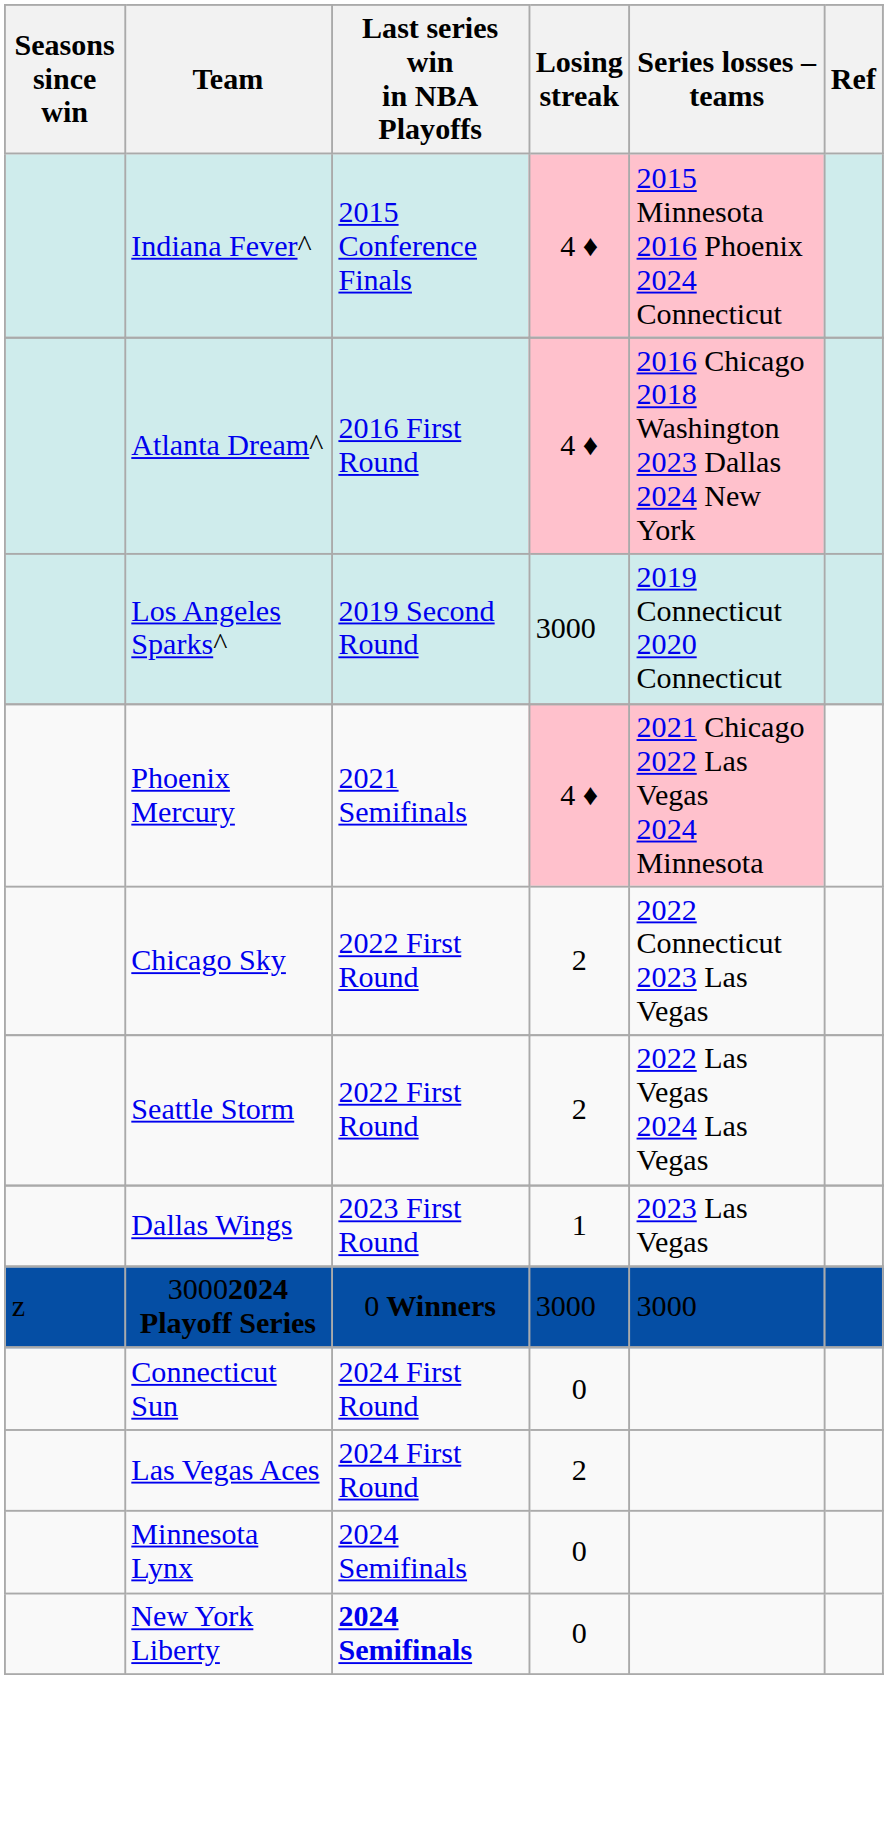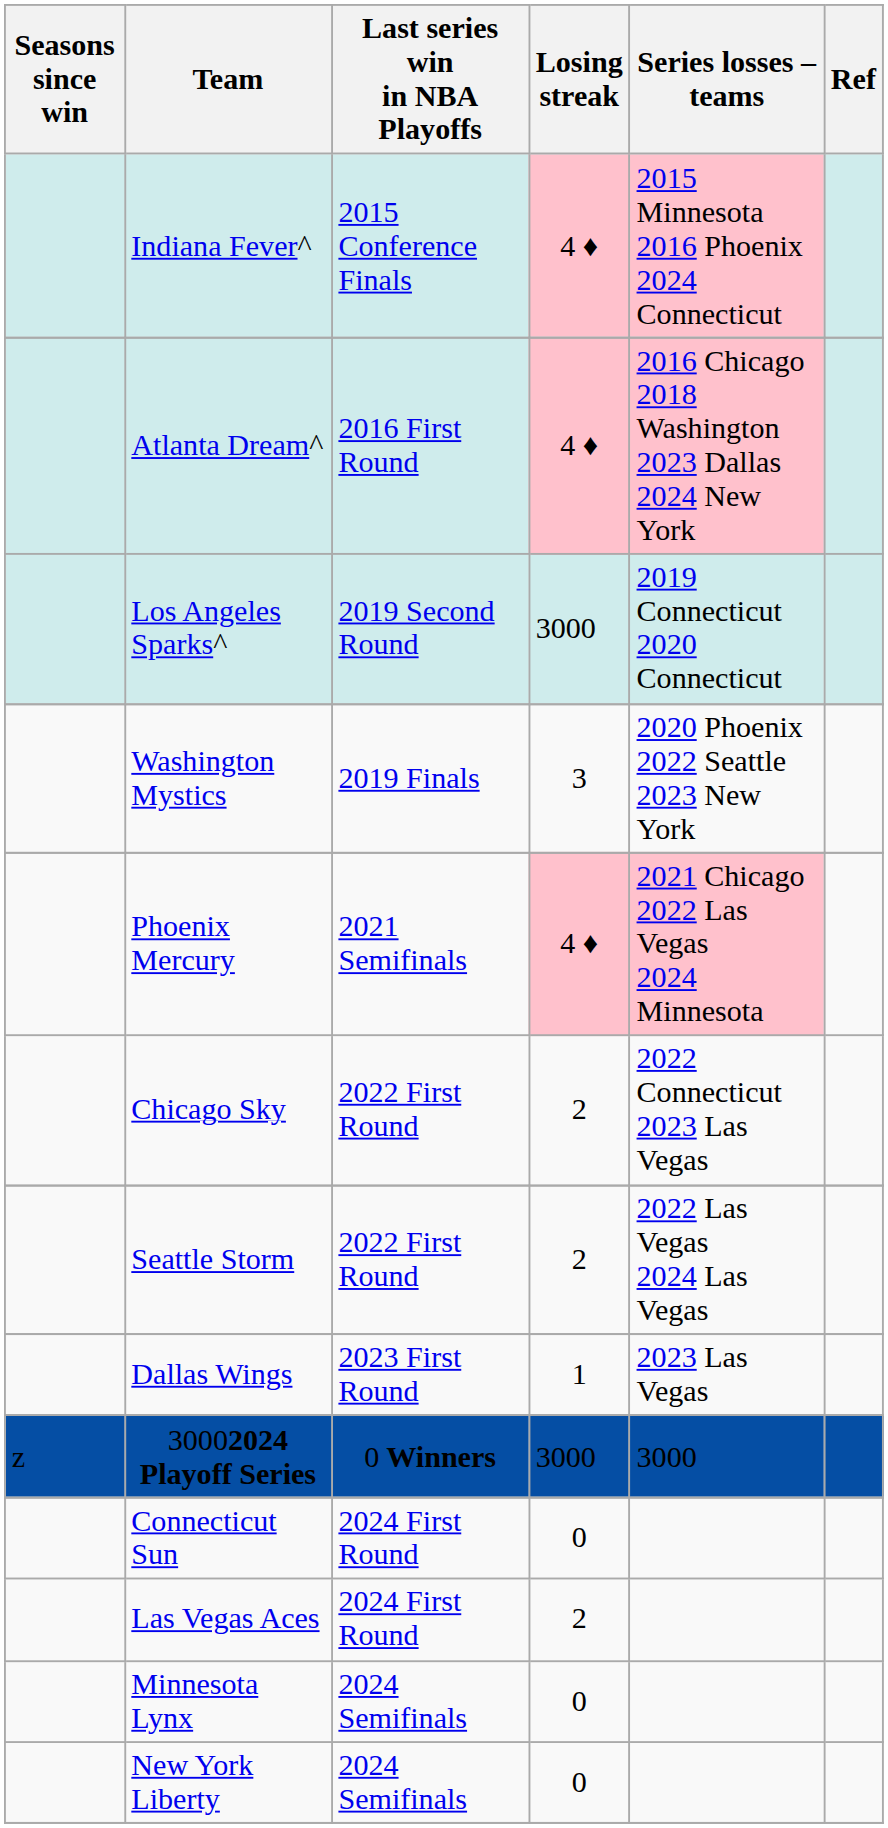 <table class="wikitable sortable" width="75%">
 <tr>
 <th data-sort-type="number">Seasons<br>since win</th>
 <th>Team</th>
 <th>Last series win<br>in NBA Playoffs</th>
 <th data-sort-type="number">Losing<br>streak</th>
 <th>Series losses – teams</th>
 <th class="unsortable">Ref</th>
 </tr>
 <tr bgcolor="#CFECEC">
 <td align=center></td>
 <td><a href='#'>Indiana Fever</a>^</td>
 <td><a href='#'>2015 Conference Finals</a></td>
 <td bgcolor="#FFC1CC" align="center">4 ♦</td>
 <td bgcolor="#FFC1CC" align=left><a href='#'>2015</a> Minnesota<br><a href='#'>2016</a> Phoenix<br><a href='#'>2024</a> Connecticut</td>
 <td></td>
 </tr>
 <tr>
 </tr>
 <tr bgcolor="#CFECEC">
 <td align="center"></td>
 <td><a href='#'>Atlanta Dream</a>^</td>
 <td><a href='#'>2016 First Round</a></td>
 <td bgcolor="#FFC1CC" align="center">4 ♦</td>
 <td bgcolor="#FFC1CC" align="left"><a href='#'>2016</a> Chicago<br><a href='#'>2018</a> Washington<br><a href='#'>2023</a> Dallas<br><a href='#'>2024</a> New York</td>
 <td></td>
 </tr>
 <tr bgcolor="#CFECEC">
 <td align=center></td>
 <td><a href='#'>Los Angeles Sparks</a>^</td>
 <td><a href='#'>2019 Second Round</a></td>
 <td><span>3000</span></td>
 <td align=left><a href='#'>2019</a> Connecticut<br><a href='#'>2020</a> Connecticut</td>
 <td></td>
 </tr>
 <tr>
+</tr>
+<tr>
+<td align=center></td>
+<td><a href='#'>Washington Mystics</a></td>
+<td><a href='#'>2019 Finals</a></td>
+<td align=center>3</td>
+<td align=left><a href='#'>2020</a> Phoenix<br><a href='#'>2022</a> Seattle<br><a href='#'>2023</a> New York</td>
+<td></td>
 </tr>
 <tr>
 </tr>
 <tr>
 <td align=center></td>
 <td><a href='#'>Phoenix Mercury</a></td>
 <td><a href='#'>2021 Semifinals</a></td>
 <td bgcolor="#FFC1CC" align="center">4 ♦</td>
 <td bgcolor="#FFC1CC" align=left><a href='#'>2021</a> Chicago<br><a href='#'>2022</a> Las Vegas<br><a href='#'>2024</a> Minnesota</td>
 <td></td>
 </tr>
 <tr>
 <td align=center></td>
 <td><a href='#'>Chicago Sky</a></td>
 <td><a href='#'>2022 First Round</a></td>
 <td align=center>2</td>
 <td align=left><a href='#'>2022</a> Connecticut<br><a href='#'>2023</a> Las Vegas</td>
 <td></td>
 </tr>
 <tr>
 </tr>
 <tr>
 <td align=center></td>
 <td><a href='#'>Seattle Storm</a></td>
 <td><a href='#'>2022 First Round</a></td>
 <td align=center>2</td>
 <td align=left><a href='#'>2022</a> Las Vegas<br><a href='#'>2024</a> Las Vegas</td>
 <td></td>
 </tr>
 <tr>
 </tr>
 <tr>
 <td align=center></td>
 <td><a href='#'>Dallas Wings</a></td>
 <td><a href='#'>2023 First Round</a></td>
 <td align=center>1</td>
 <td align=left><a href='#'>2023</a> Las Vegas</td>
 <td></td>
 </tr>
 <tr>
 </tr>
 <tr bgcolor="#054ea4">
 <td><span>z</span></td>
 <td align=center><span>3000</span><span><strong>2024 Playoff Series</strong></span></td>
 <td align=center><span>0</span><span><strong> Winners</strong></span></td>
 <td><span>3000</span></td>
 <td><span>3000</span></td>
 <td></td>
 </tr>
 <tr>
 </tr>
 <tr>
 <td align="center"></td>
 <td><a href='#'>Connecticut Sun</a></td>
 <td><a href='#'>2024 First Round</a></td>
 <td align="center">0</td>
 <td align="left"></td>
 <td></td>
 </tr>
 <tr>
 <td align=center></td>
 <td><a href='#'>Las Vegas Aces</a></td>
 <td><a href='#'>2024 First Round</a></td>
 <td align=center>2</td>
 <td align=left></td>
 <td></td>
 </tr>
 <tr>
 <td align="center"></td>
 <td><a href='#'>Minnesota Lynx</a></td>
 <td><a href='#'>2024 Semifinals</a></td>
 <td align="center">0</td>
 <td align="left"></td>
 <td></td>
 </tr>
 <tr>
 <td align="center"></td>
 <td><a href='#'>New York Liberty</a></td>
-<td><strong><a href='#'>2024 Semifinals</a></strong></td>
+<td><a href='#'>2024 Semifinals</a></td>
 <td align="center">0</td>
 <td align="left"></td>
 <td></td>
 </tr>
 <tr>
 </tr>
 <tr>
 </tr>
 </table>
